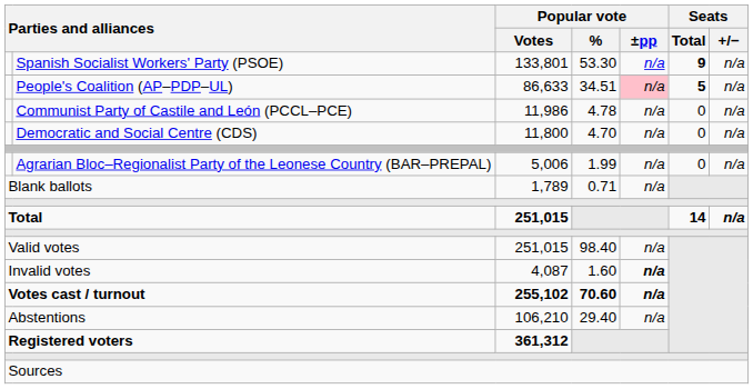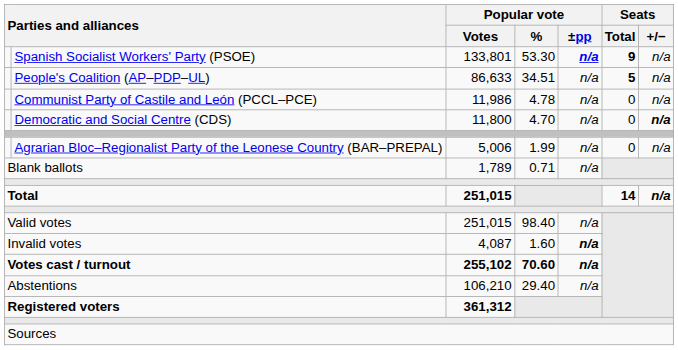 <table class="wikitable" style="text-align:right;">
 <tr>
 <th style="text-align:left;" rowspan="2" colspan="2" width="525">Parties and alliances</th>
 <th colspan="3">Popular vote</th>
 <th colspan="2">Seats</th>
 </tr>
 <tr>
 <th width="75">Votes</th>
 <th width="45">%</th>
 <th width="45">±<a href='#'>pp</a></th>
 <th width="35">Total</th>
 <th width="35">+/−</th>
 </tr>
 <tr>
 <td width="1" style="color:inherit;background:"></td>
 <td align="left"><a href='#'>Spanish Socialist Workers' Party</a> (PSOE)</td>
 <td>133,801</td>
 <td>53.30</td>
-<td><em><a href='#'>n/a</a></em></td>
+<td><strong><em><a href='#'>n/a</a></em></strong></td>
 <td><strong>9</strong></td>
 <td><em>n/a</em></td>
 </tr>
 <tr>
 <td style="color:inherit;background:"></td>
 <td align="left"><a href='#'>People's Coalition</a> (<a href='#'>AP</a>–<a href='#'>PDP</a>–<a href='#'>UL</a>)</td>
 <td>86,633</td>
 <td>34.51</td>
-<td style="background: pink;"><em>n/a</em></td>
+<td><em>n/a</em></td>
 <td><strong>5</strong></td>
 <td><em>n/a</em></td>
 </tr>
 <tr>
 <td style="color:inherit;background:"></td>
 <td align="left"><a href='#'>Communist Party of Castile and León</a> (PCCL–PCE)</td>
 <td>11,986</td>
 <td>4.78</td>
 <td><em>n/a</em></td>
 <td>0</td>
 <td><em>n/a</em></td>
 </tr>
 <tr>
 <td style="color:inherit;background:"></td>
 <td align="left"><a href='#'>Democratic and Social Centre</a> (CDS)</td>
 <td>11,800</td>
 <td>4.70</td>
 <td><em>n/a</em></td>
 <td>0</td>
-<td><em>n/a</em></td>
+<td><strong><em>n/a</em></strong></td>
 </tr>
 <tr>
 <td colspan="7" bgcolor="#C0C0C0"></td>
 </tr>
 <tr>
 <td style="color:inherit;background:"></td>
 <td align="left"><a href='#'>Agrarian Bloc–Regionalist Party of the Leonese Country</a> (BAR–PREPAL)</td>
 <td>5,006</td>
 <td>1.99</td>
 <td><em>n/a</em></td>
 <td>0</td>
 <td><em>n/a</em></td>
 </tr>
 <tr>
 <td align="left" colspan="2">Blank ballots</td>
 <td>1,789</td>
 <td>0.71</td>
 <td><em>n/a</em></td>
 <td bgcolor="#E9E9E9" colspan="2"></td>
 </tr>
 <tr>
 <td colspan="7" bgcolor="#E9E9E9"></td>
 </tr>
 <tr style="font-weight:bold;">
 <td align="left" colspan="2">Total</td>
 <td>251,015</td>
 <td bgcolor="#E9E9E9" colspan="2"></td>
 <td>14</td>
 <td><em>n/a</em></td>
 </tr>
 <tr>
 <td colspan="7" bgcolor="#E9E9E9"></td>
 </tr>
 <tr>
 <td align="left" colspan="2">Valid votes</td>
 <td>251,015</td>
 <td>98.40</td>
 <td><em>n/a</em></td>
 <td bgcolor="#E9E9E9" colspan="2" rowspan="5"></td>
 </tr>
 <tr>
 <td align="left" colspan="2">Invalid votes</td>
 <td>4,087</td>
 <td>1.60</td>
 <td><strong><em>n/a</em></strong></td>
 </tr>
 <tr style="font-weight:bold;">
 <td align="left" colspan="2">Votes cast / turnout</td>
 <td>255,102</td>
 <td>70.60</td>
 <td><em>n/a</em></td>
 </tr>
 <tr>
 <td align="left" colspan="2">Abstentions</td>
 <td>106,210</td>
 <td>29.40</td>
 <td><em>n/a</em></td>
 </tr>
 <tr style="font-weight:bold;">
 <td align="left" colspan="2">Registered voters</td>
 <td>361,312</td>
 <td bgcolor="#E9E9E9" colspan="2"></td>
 </tr>
 <tr>
 <td colspan="7" bgcolor="#E9E9E9"></td>
 </tr>
 <tr>
 <td align="left" colspan="7">Sources</td>
 </tr>
 </table>
